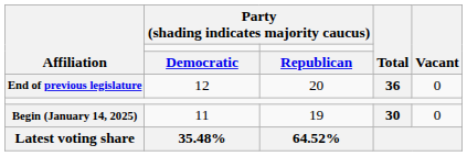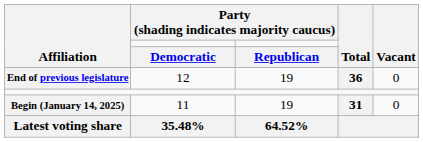 <table class="wikitable" style="text-align:center">
 <tr style="vertical-align:bottom">
 <th rowspan=3>Affiliation</th>
 <th colspan=2>Party<div>(shading indicates majority caucus)</div></th>
 <th rowspan=3>Total</th>
 <th rowspan=3>Vacant</th>
 </tr>
 <tr style="height:5px">
 <td style="background-color:"></td>
 <td style="background-color:"></td>
 </tr>
 <tr>
 <th><a href='#'>Democratic</a></th>
 <th><a href='#'>Republican</a></th>
 </tr>
 <tr>
 <th style="font-size:80%">End of <a href='#'>previous legislature</a></th>
 <td>12</td>
-<td>20</td>
+<td>19</td>
 <th>36</th>
 <td>0</td>
 </tr>
 <tr>
 <td colspan=6></td>
 </tr>
 <tr>
 <th style="font-size:80%">Begin (January 14, 2025)</th>
 <td>11</td>
 <td>19</td>
-<th>30</th>
+<th>31</th>
 <td>0</td>
 </tr>
 <tr>
 <th>Latest voting share</th>
 <th colspan=1>35.48%</th>
 <th>64.52%</th>
 <th colspan=2> </th>
 </tr>
 </table>
